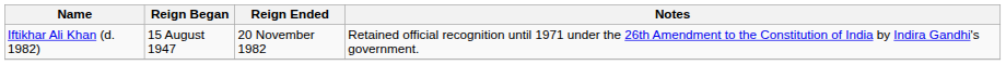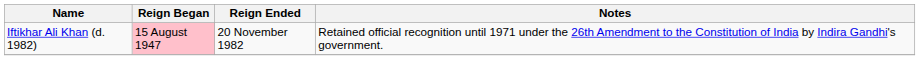 <table class="wikitable">
 <tr>
 <th>Name</th>
 <th>Reign Began</th>
 <th>Reign Ended</th>
 <th>Notes</th>
 </tr>
 <tr>
 <td><a href='#'>Iftikhar Ali Khan</a> (d. 1982)</td>
-<td>15 August 1947</td>
+<td style="background: pink;">15 August 1947</td>
 <td>20 November 1982</td>
 <td>Retained official recognition until 1971 under the <a href='#'>26th Amendment to the Constitution of India</a> by <a href='#'>Indira Gandhi</a>'s government.</td>
 </tr>
 <tr>
 </tr>
 </table>
